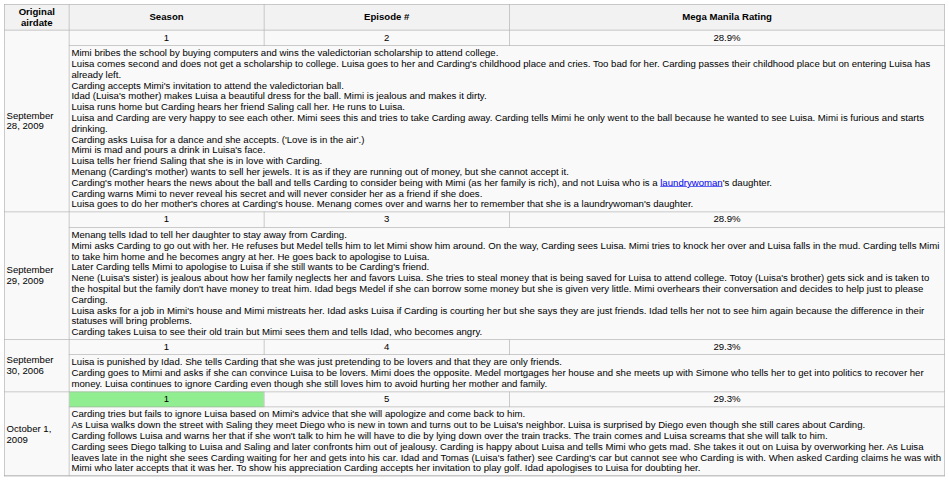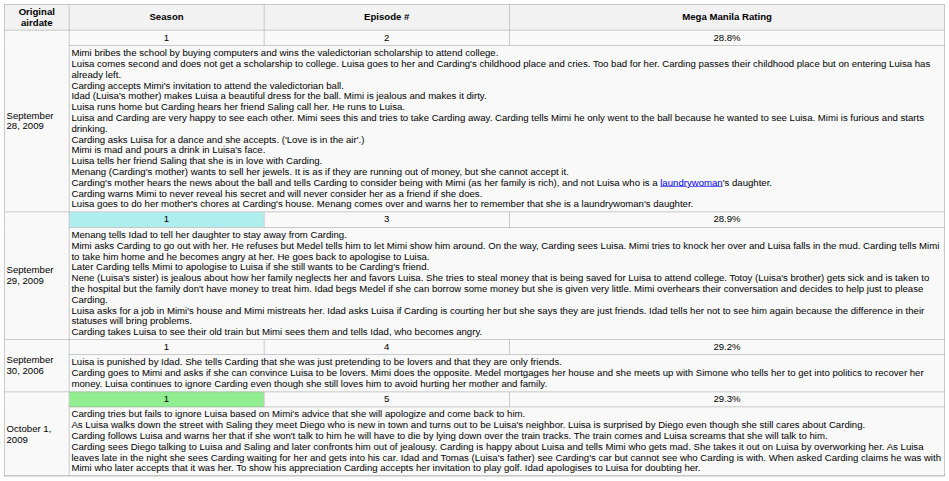 <table class="wikitable">
 <tr>
 <th>Original airdate</th>
 <th>Season</th>
 <th>Episode #</th>
 <th>Mega Manila Rating</th>
 </tr>
 <tr>
 <td rowspan="2">September 28, 2009</td>
 <td align="center">1</td>
 <td align="center">2</td>
-<td align="center">28.9%</td>
+<td align="center">28.8%</td>
 </tr>
 <tr>
 <td colspan="5">Mimi bribes the school by buying computers and wins the valedictorian scholarship to attend college.<br>Luisa comes second and does not get a scholarship to college. Luisa goes to her and Carding's childhood place and cries. Too bad for her.  Carding passes their childhood place but on entering Luisa has already left.<br>Carding accepts Mimi's invitation to attend the valedictorian ball.<br>Idad (Luisa's mother) makes Luisa a beautiful dress for the ball. Mimi is jealous and makes it dirty.<br>Luisa runs home but Carding hears her friend Saling call her. He runs to Luisa.<br>Luisa and Carding are very happy to see each other. Mimi sees this and tries to take Carding away. Carding tells Mimi he only went to the ball because he wanted to see Luisa. Mimi is furious and starts drinking.<br>Carding asks Luisa for a dance and she accepts. ('Love is in the air'.)<br>Mimi is mad and pours a drink in Luisa's face.<br>Luisa tells her friend Saling that she is in love with Carding.<br>Menang (Carding's mother) wants to sell her jewels. It is as if they are running out of money, but she cannot accept it.<br>Carding's mother hears the news about the ball and tells Carding to consider being with Mimi (as her family is rich), and not Luisa who is a <a href='#'>laundrywoman</a>'s daughter.<br>Carding warns Mimi to never reveal his secret and will never consider her as a friend if she does.<br>Luisa goes to do her mother's chores at Carding's house. Menang comes over and warns her to remember that she is a laundrywoman's daughter.</td>
 </tr>
 <tr>
 <td rowspan="2">September 29, 2009</td>
-<td align="center">1</td>
+<td align="center" style="background: paleturquoise;">1</td>
 <td align="center">3</td>
 <td align="center">28.9%</td>
 </tr>
 <tr>
 <td colspan="5">Menang tells Idad to tell her daughter to stay away from Carding.<br>Mimi asks Carding to go out with her. He refuses but Medel tells him to let Mimi show him around. On the way, Carding sees Luisa. Mimi tries to knock her over and Luisa falls in the mud. Carding tells Mimi to take him home and he becomes angry at her. He goes back to apologise to Luisa.<br>Later Carding tells Mimi to apologise to Luisa if she still wants to be Carding's friend.<br>Nene (Luisa's sister) is jealous about how her family neglects her and favors Luisa. She tries to steal money that is being saved for Luisa to attend college. Totoy (Luisa's brother) gets sick and is taken to the hospital but the family don't have money to treat him. Idad begs Medel if she can borrow some money but she is given very little. Mimi overhears their conversation and decides to help just to please Carding.<br>Luisa asks for a job in Mimi's house and Mimi mistreats her. Idad asks Luisa if Carding is courting her but she says they are just friends. Idad tells her not to see him again because the difference in their statuses will bring problems.<br>Carding takes Luisa to see their old train but Mimi sees them and tells Idad, who becomes angry.</td>
 </tr>
 <tr>
 <td rowspan="2">September 30, 2006</td>
 <td align="center">1</td>
 <td align="center">4</td>
-<td align="center">29.3%</td>
+<td align="center">29.2%</td>
 </tr>
 <tr>
 <td colspan="5">Luisa is punished by Idad. She tells Carding that she was just pretending to be lovers and that they are only friends.<br>Carding goes to Mimi and asks if she can convince Luisa to be lovers. Mimi does the opposite. Medel mortgages her house and she meets up with Simone who tells her to get into politics to recover her money. Luisa continues to ignore Carding even though she still loves him to avoid hurting her mother and family.</td>
 </tr>
 <tr>
 <td rowspan="2">October 1, 2009</td>
 <td align="center" style="background: lightgreen;">1</td>
 <td align="center">5</td>
 <td align="center">29.3%</td>
 </tr>
 <tr>
 <td colspan="5">Carding tries but fails to ignore Luisa based on Mimi's advice that she will apologize and come back to him.<br>As Luisa walks down the street with Saling they meet Diego who is new in town and turns out to be Luisa's neighbor. Luisa is surprised by Diego even though she still cares about Carding.<br>Carding follows Luisa and warns her that if she won't talk to him he will have to die by lying down over the train tracks. The train comes and Luisa screams that she will talk to him.<br>Carding sees Diego talking to Luisa and Saling and later confronts him out of jealousy. Carding is happy about Luisa and tells Mimi who gets mad. She takes it out on Luisa by overworking her.  As Luisa leaves late in the night she sees Carding waiting for her and gets into his car. Idad and Tomas (Luisa's father) see Carding's car but cannot see who Carding is with.  When asked Carding claims he was with Mimi who later accepts that it was her. To show his appreciation Carding accepts her invitation to play golf. Idad apologises to Luisa for doubting her.</td>
 </tr>
 <tr>
 </tr>
 </table>
